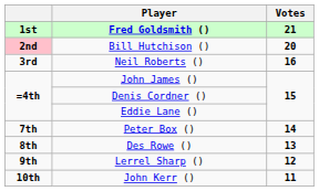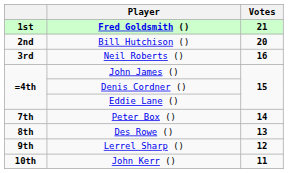 <table class="wikitable" style="text-align: center; font-size: 90%;">
 <tr>
 <th width="50"></th>
 <th width="250">Player</th>
 <th width="50">Votes</th>
 </tr>
 <tr style="background: #CCFFCC; font-weight: bold;" |>
 <td><strong>1st</strong></td>
 <td><a href='#'>Fred Goldsmith</a> ()</td>
 <td><strong>21</strong></td>
 </tr>
 <tr>
-<td style="background: pink;"><strong>2nd</strong></td>
+<td><strong>2nd</strong></td>
 <td><a href='#'>Bill Hutchison</a> ()</td>
 <td><strong>20</strong></td>
 </tr>
 <tr>
 <td><strong>3rd</strong></td>
 <td><a href='#'>Neil Roberts</a> ()</td>
 <td><strong>16</strong></td>
 </tr>
 <tr>
 <td rowspan=3><strong>=4th</strong></td>
 <td><a href='#'>John James</a> ()</td>
 <td rowspan=3><strong>15</strong></td>
 </tr>
 <tr>
 <td><a href='#'>Denis Cordner</a> ()</td>
 </tr>
 <tr>
 <td><a href='#'>Eddie Lane</a> ()</td>
 </tr>
 <tr>
 <td><strong>7th</strong></td>
 <td><a href='#'>Peter Box</a> ()</td>
 <td><strong>14</strong></td>
 </tr>
 <tr>
 <td><strong>8th</strong></td>
 <td><a href='#'>Des Rowe</a> ()</td>
 <td><strong>13</strong></td>
 </tr>
 <tr>
 <td><strong>9th</strong></td>
 <td><a href='#'>Lerrel Sharp</a> ()</td>
 <td><strong>12</strong></td>
 </tr>
 <tr>
 <td><strong>10th</strong></td>
 <td><a href='#'>John Kerr</a> ()</td>
 <td><strong>11</strong></td>
 </tr>
 </table>
